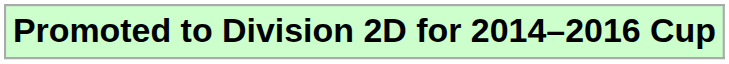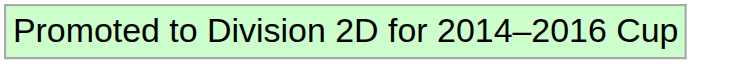 <table class="wikitable">
 <tr>
 </tr>
 <tr width=10px bgcolor="#ccffcc">
-<td><strong>Promoted to Division 2D for 2014–2016 Cup</strong></td>
+<td>Promoted to Division 2D for 2014–2016 Cup</td>
 </tr>
 <tr>
 </tr>
 </table>
